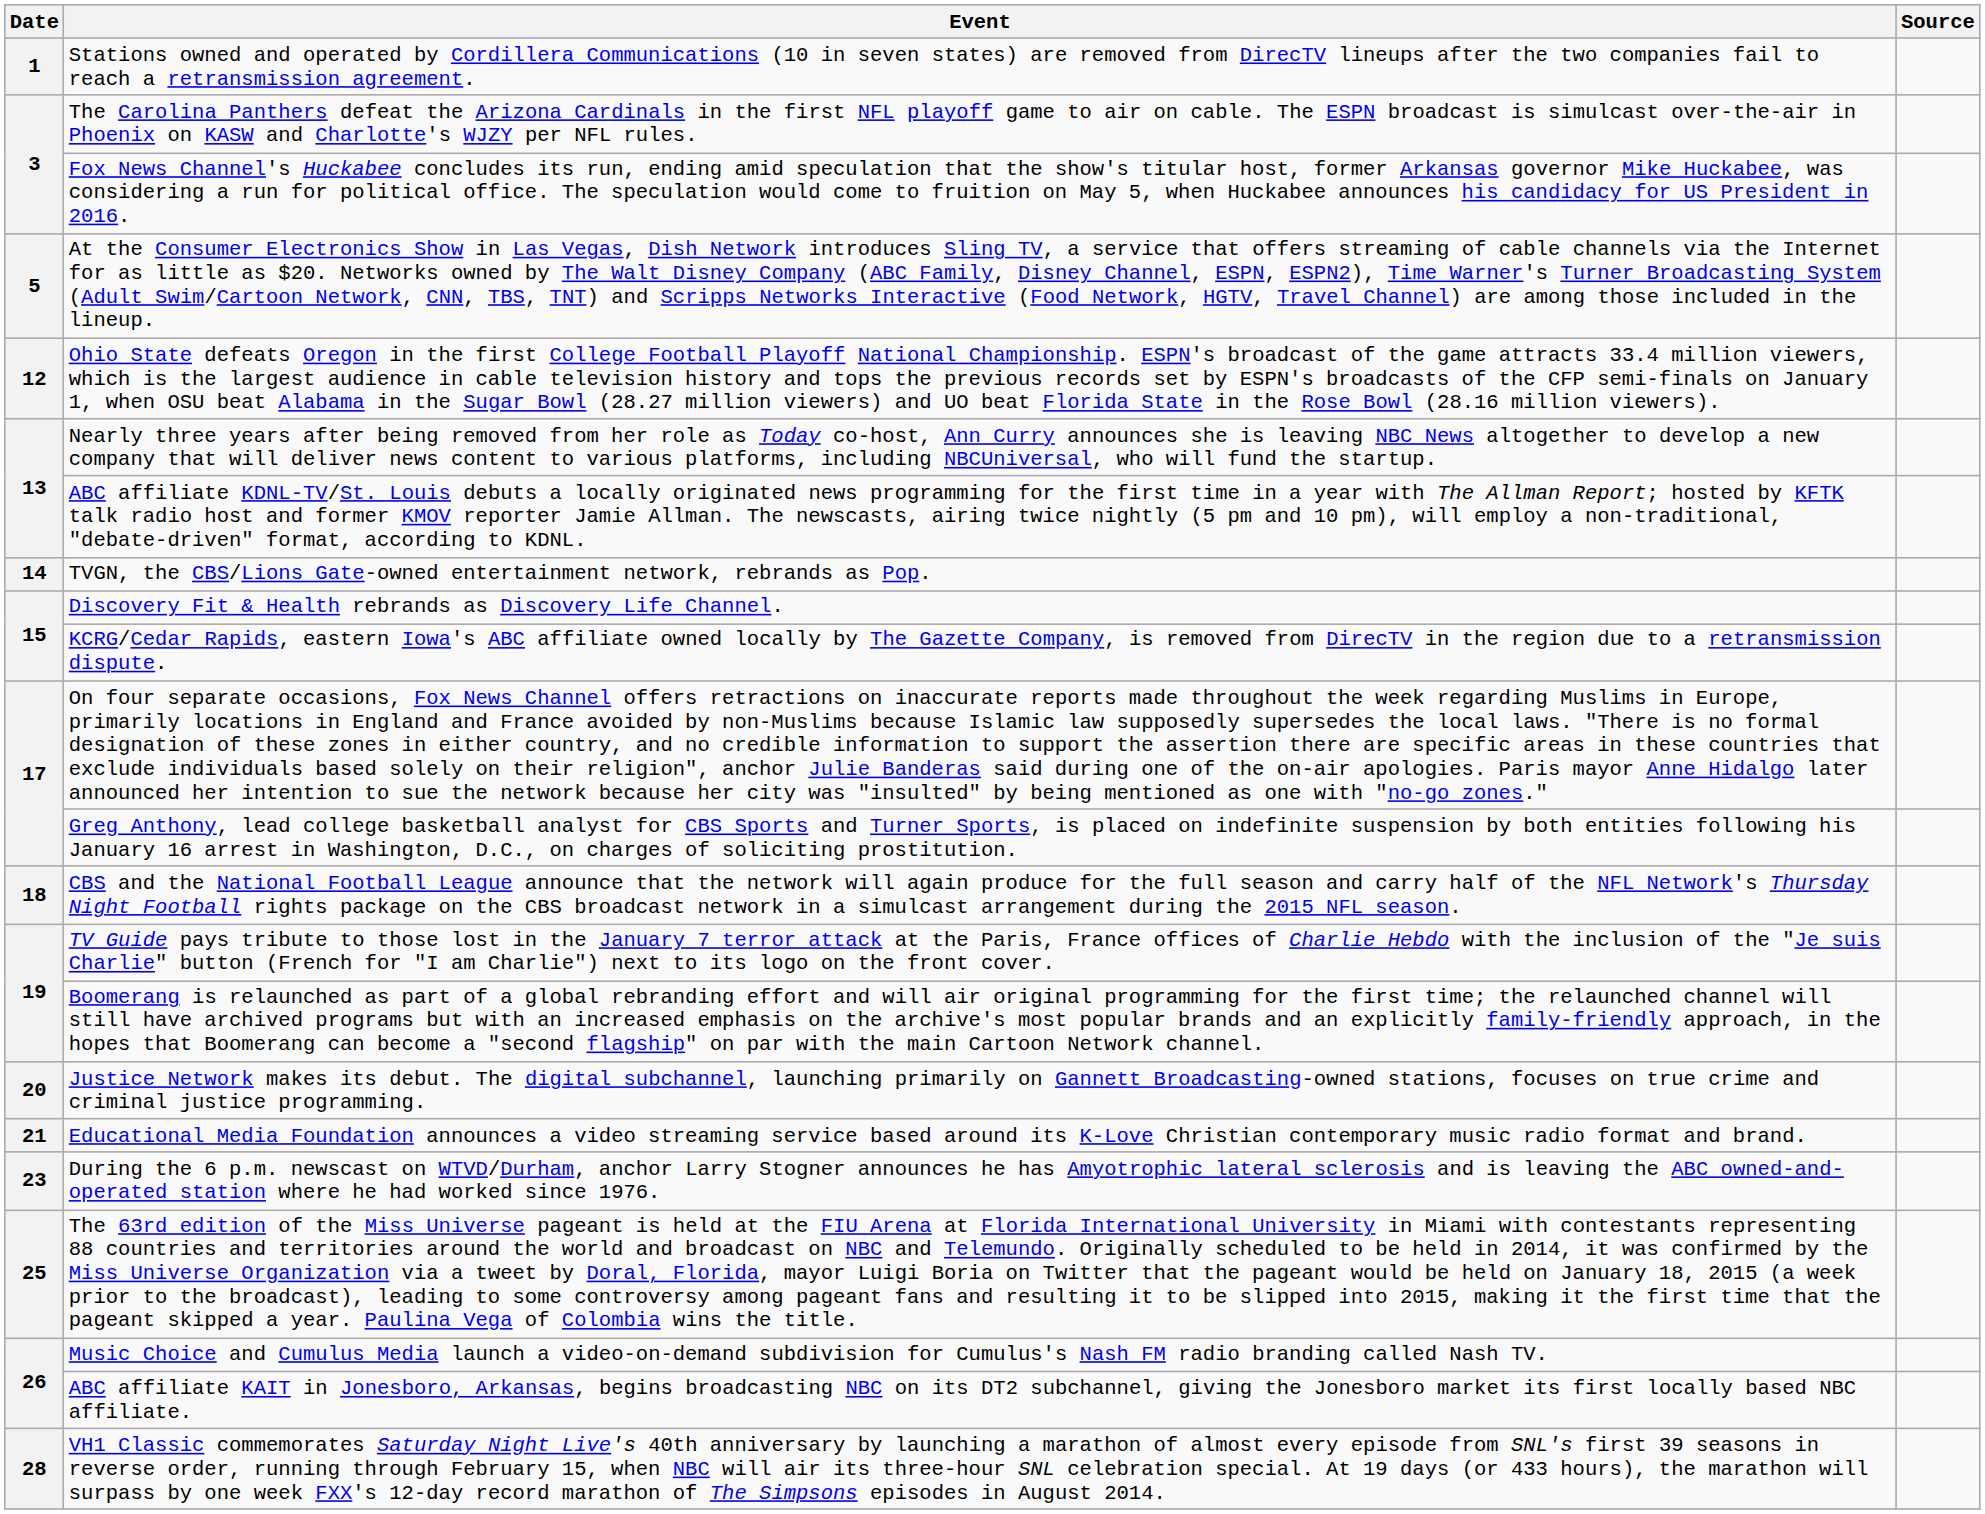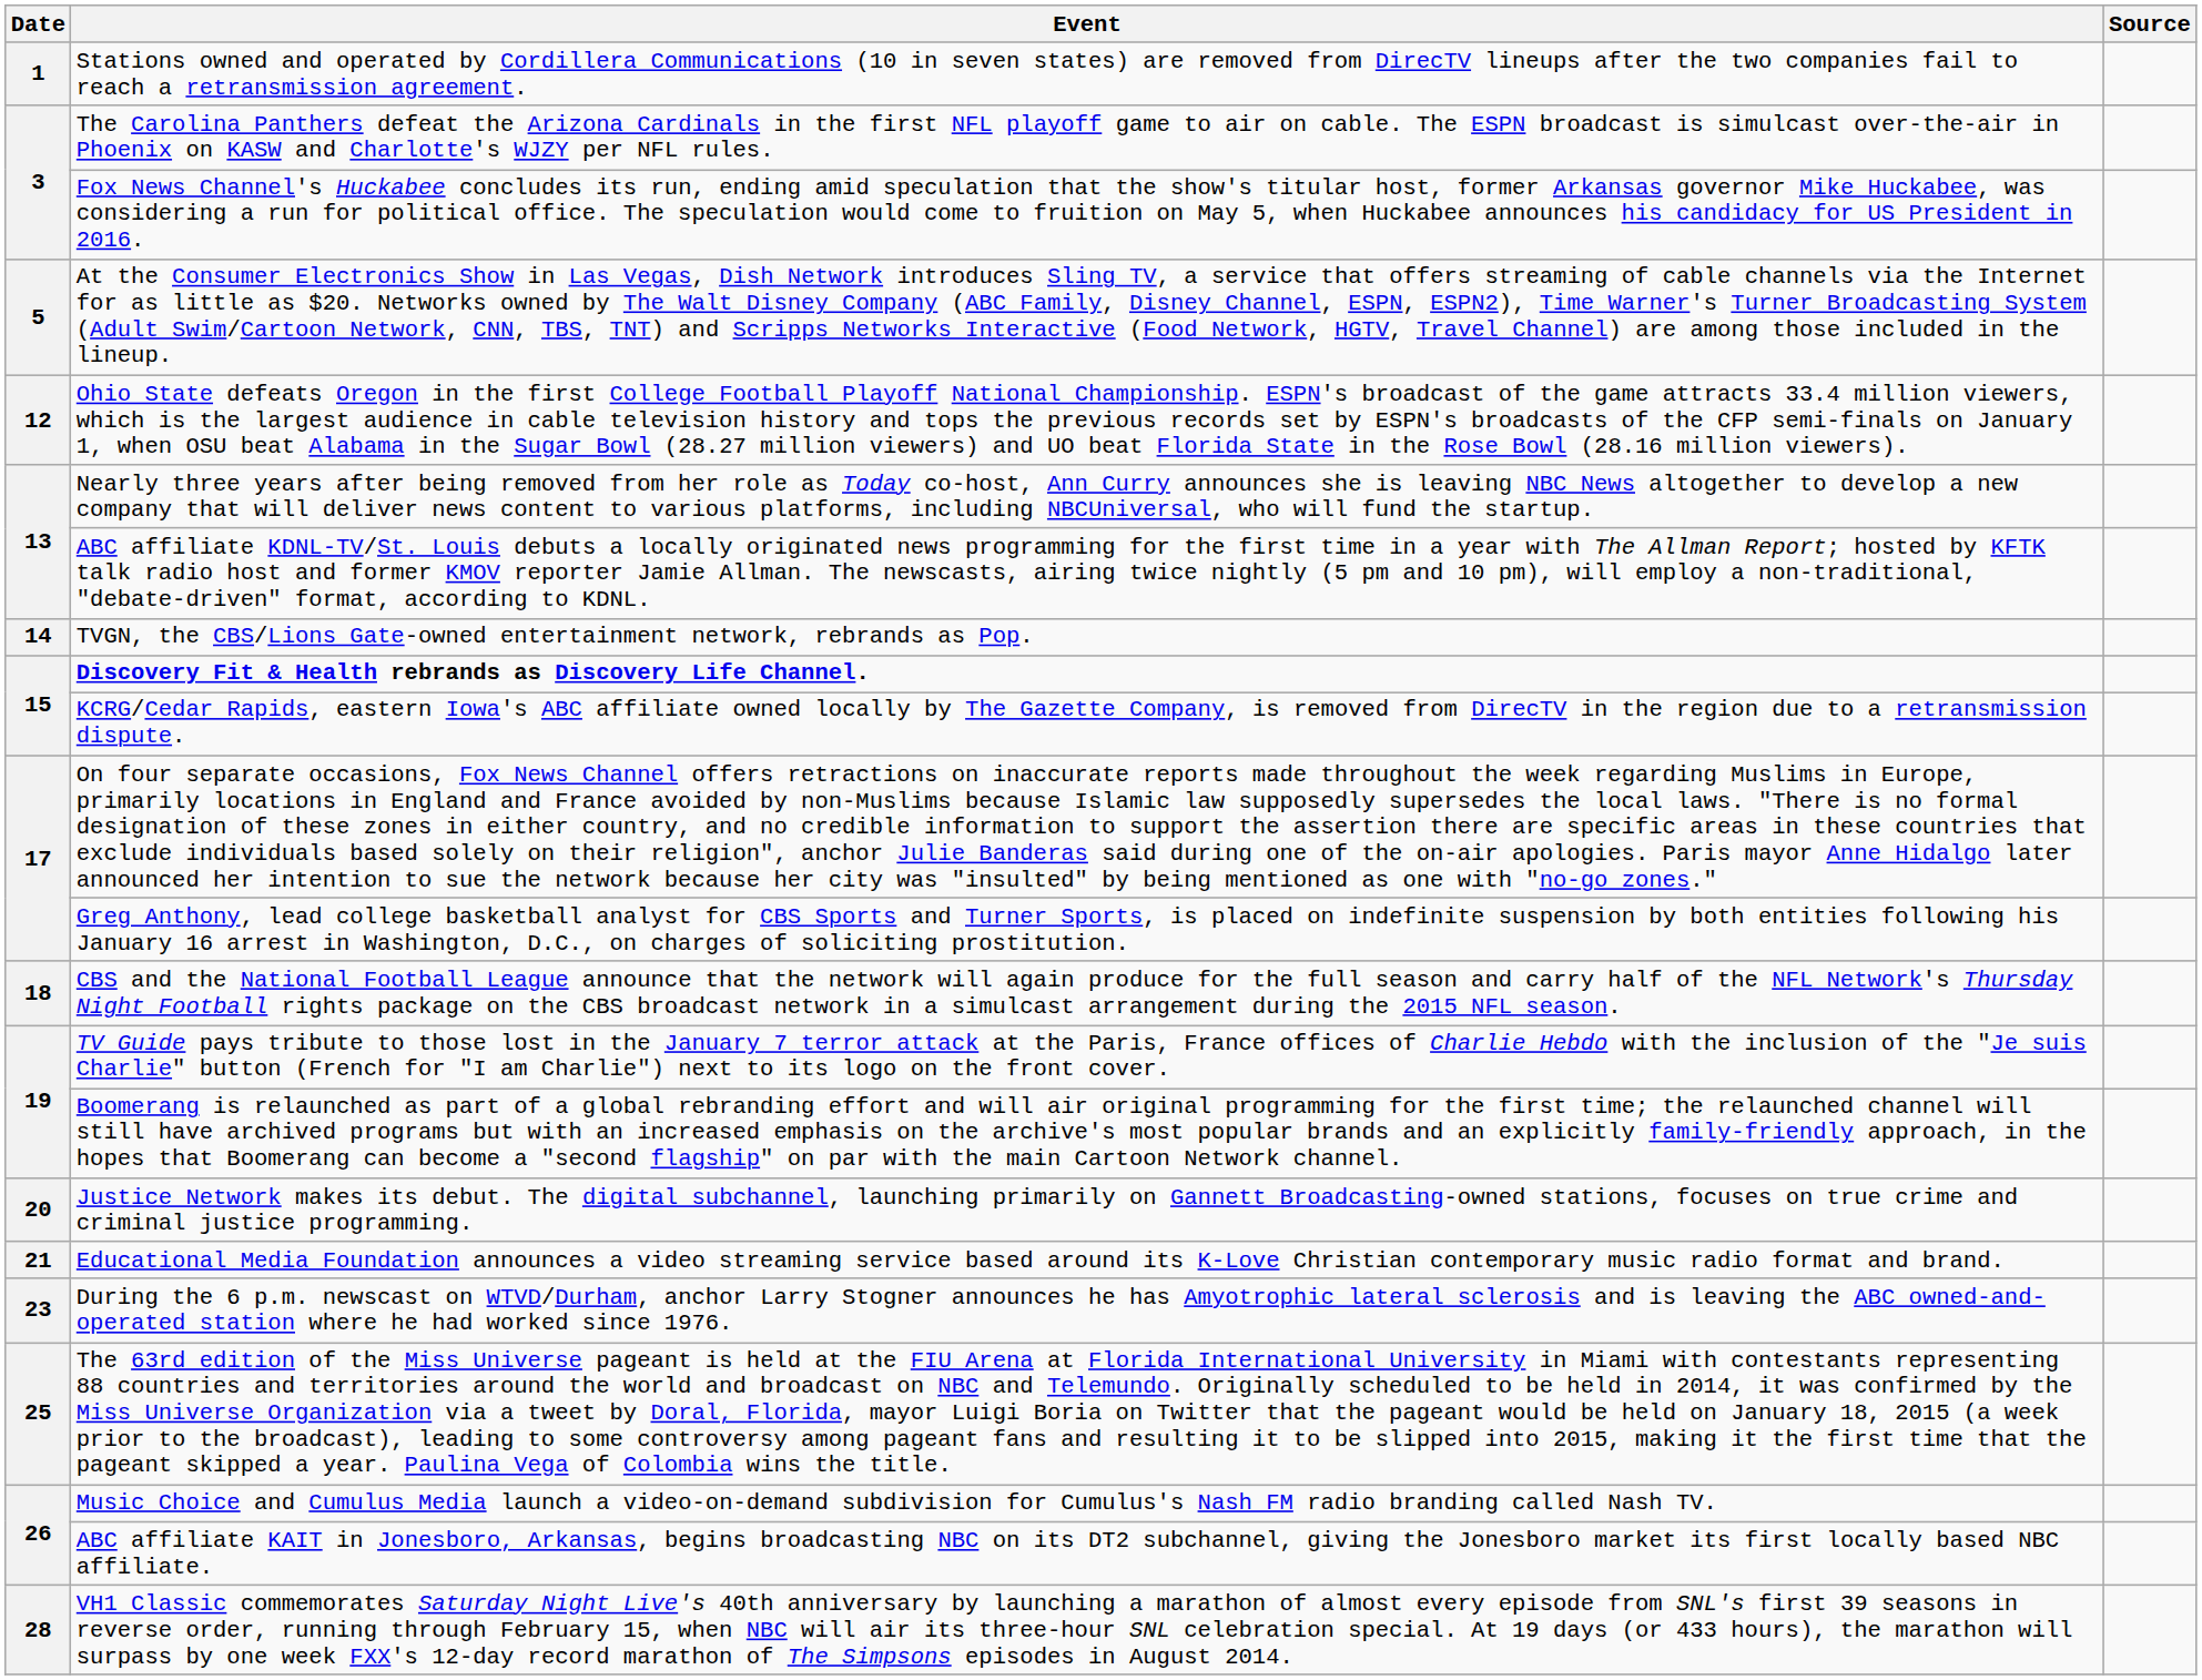 <table class="wikitable">
 <tr>
 <th>Date</th>
 <th>Event</th>
 <th>Source</th>
 </tr>
 <tr>
 <th>1</th>
 <td>Stations owned and operated by <a href='#'>Cordillera Communications</a> (10 in seven states) are removed from <a href='#'>DirecTV</a> lineups after the two companies fail to reach a <a href='#'>retransmission agreement</a>.</td>
 <td></td>
 </tr>
 <tr>
 <th rowspan=2>3</th>
 <td>The <a href='#'>Carolina Panthers</a> defeat the <a href='#'>Arizona Cardinals</a> in the first <a href='#'>NFL</a> <a href='#'>playoff</a> game to air on cable. The <a href='#'>ESPN</a> broadcast is simulcast over-the-air in <a href='#'>Phoenix</a> on <a href='#'>KASW</a> and <a href='#'>Charlotte</a>'s <a href='#'>WJZY</a> per NFL rules.</td>
 <td></td>
 </tr>
 <tr>
 <td><a href='#'>Fox News Channel</a>'s <em><a href='#'>Huckabee</a></em> concludes its run, ending amid speculation that the show's titular host, former <a href='#'>Arkansas</a> governor <a href='#'>Mike Huckabee</a>, was considering a run for political office. The speculation would come to fruition on May 5, when Huckabee announces <a href='#'>his candidacy for US President in 2016</a>.</td>
 <td></td>
 </tr>
 <tr>
 <th>5</th>
 <td>At the <a href='#'>Consumer Electronics Show</a> in <a href='#'>Las Vegas</a>, <a href='#'>Dish Network</a> introduces <a href='#'>Sling TV</a>, a service that offers streaming of cable channels via the Internet for as little as $20. Networks owned by <a href='#'>The Walt Disney Company</a> (<a href='#'>ABC Family</a>, <a href='#'>Disney Channel</a>, <a href='#'>ESPN</a>, <a href='#'>ESPN2</a>), <a href='#'>Time Warner</a>'s <a href='#'>Turner Broadcasting System</a> (<a href='#'>Adult Swim</a>/<a href='#'>Cartoon Network</a>, <a href='#'>CNN</a>, <a href='#'>TBS</a>, <a href='#'>TNT</a>) and <a href='#'>Scripps Networks Interactive</a> (<a href='#'>Food Network</a>, <a href='#'>HGTV</a>, <a href='#'>Travel Channel</a>) are among those included in the lineup.</td>
 <td></td>
 </tr>
 <tr>
 <th>12</th>
 <td><a href='#'>Ohio State</a> defeats <a href='#'>Oregon</a> in the first <a href='#'>College Football Playoff</a> <a href='#'>National Championship</a>. <a href='#'>ESPN</a>'s broadcast of the game attracts 33.4 million viewers, which is the largest audience in cable television history and tops the previous records set by ESPN's broadcasts of the CFP semi-finals on January 1, when OSU beat <a href='#'>Alabama</a> in the <a href='#'>Sugar Bowl</a> (28.27 million viewers) and UO beat <a href='#'>Florida State</a> in the <a href='#'>Rose Bowl</a> (28.16 million viewers).</td>
 <td></td>
 </tr>
 <tr>
 <th rowspan="2">13</th>
 <td>Nearly three years after being removed from her role as <em><a href='#'>Today</a></em> co-host, <a href='#'>Ann Curry</a> announces she is leaving <a href='#'>NBC News</a> altogether to develop a new company that will deliver news content to various platforms, including <a href='#'>NBCUniversal</a>, who will fund the startup.</td>
 <td></td>
 </tr>
 <tr>
 <td><a href='#'>ABC</a> affiliate <a href='#'>KDNL-TV</a>/<a href='#'>St. Louis</a> debuts a locally originated news programming for the first time in a year with <em>The Allman Report</em>; hosted by <a href='#'>KFTK</a> talk radio host and former <a href='#'>KMOV</a> reporter Jamie Allman. The newscasts, airing twice nightly (5 pm and 10 pm), will employ a non-traditional, "debate-driven" format, according to KDNL.</td>
 <td></td>
 </tr>
 <tr>
 <th>14</th>
 <td>TVGN, the <a href='#'>CBS</a>/<a href='#'>Lions Gate</a>-owned entertainment network, rebrands as <a href='#'>Pop</a>.</td>
 <td></td>
 </tr>
 <tr>
 <th rowspan="2">15</th>
-<td><a href='#'>Discovery Fit & Health</a> rebrands as <a href='#'>Discovery Life Channel</a>.</td>
+<td><strong><a href='#'>Discovery Fit & Health</a> rebrands as <a href='#'>Discovery Life Channel</a>.</strong></td>
 <td></td>
 </tr>
 <tr>
 <td><a href='#'>KCRG</a>/<a href='#'>Cedar Rapids</a>, eastern <a href='#'>Iowa</a>'s <a href='#'>ABC</a> affiliate owned locally by <a href='#'>The Gazette Company</a>, is removed from <a href='#'>DirecTV</a> in the region due to a <a href='#'>retransmission dispute</a>.</td>
 <td></td>
 </tr>
 <tr>
 <th rowspan=2>17</th>
 <td>On four separate occasions, <a href='#'>Fox News Channel</a> offers retractions on inaccurate reports made throughout the week regarding Muslims in Europe, primarily locations in England and France avoided by non-Muslims because Islamic law supposedly supersedes the local laws. "There is no formal designation of these zones in either country, and no credible information to support the assertion there are specific areas in these countries that exclude individuals based solely on their religion", anchor <a href='#'>Julie Banderas</a> said during one of the on-air apologies. Paris mayor <a href='#'>Anne Hidalgo</a> later announced her intention to sue the network because her city was "insulted" by being mentioned as one with "<a href='#'>no-go zones</a>."</td>
 <td></td>
 </tr>
 <tr>
 <td><a href='#'>Greg Anthony</a>, lead college basketball analyst for <a href='#'>CBS Sports</a> and <a href='#'>Turner Sports</a>, is placed on indefinite suspension by both entities following his January 16 arrest in Washington, D.C., on charges of soliciting prostitution.</td>
 <td></td>
 </tr>
 <tr>
 <th>18</th>
 <td><a href='#'>CBS</a> and the <a href='#'>National Football League</a> announce that the network will again produce for the full season and carry half of the <a href='#'>NFL Network</a>'s <em><a href='#'>Thursday Night Football</a></em> rights package on the CBS broadcast network in a simulcast arrangement during the <a href='#'>2015 NFL season</a>.</td>
 <td></td>
 </tr>
 <tr>
 <th rowspan=2>19</th>
 <td><em><a href='#'>TV Guide</a></em> pays tribute to those lost in the <a href='#'>January 7 terror attack</a> at the Paris, France offices of <em><a href='#'>Charlie Hebdo</a></em> with the inclusion of the "<a href='#'>Je suis Charlie</a>" button (French for "I am Charlie") next to its logo on the front cover.</td>
 <td></td>
 </tr>
 <tr>
 <td><a href='#'>Boomerang</a> is relaunched as part of a global rebranding effort and will air original programming for the first time; the relaunched channel will still have archived programs but with an increased emphasis on the archive's most popular brands and an explicitly <a href='#'>family-friendly</a> approach, in the hopes that Boomerang can become a "second <a href='#'>flagship</a>" on par with the main Cartoon Network channel.</td>
 <td></td>
 </tr>
 <tr>
 <th>20</th>
 <td><a href='#'>Justice Network</a> makes its debut.  The <a href='#'>digital subchannel</a>, launching primarily on <a href='#'>Gannett Broadcasting</a>-owned stations, focuses on true crime and criminal justice programming.</td>
 <td></td>
 </tr>
 <tr>
 <th>21</th>
 <td><a href='#'>Educational Media Foundation</a> announces a video streaming service based around its <a href='#'>K-Love</a> Christian contemporary music radio format and brand.</td>
 <td></td>
 </tr>
 <tr>
 <th>23</th>
 <td>During the 6 p.m. newscast on <a href='#'>WTVD</a>/<a href='#'>Durham</a>, anchor Larry Stogner announces he has <a href='#'>Amyotrophic lateral sclerosis</a> and is leaving the <a href='#'>ABC owned-and-operated station</a> where he had worked since 1976.</td>
 <td></td>
 </tr>
 <tr>
 <th>25</th>
 <td>The <a href='#'>63rd edition</a> of the <a href='#'>Miss Universe</a> pageant is held at the <a href='#'>FIU Arena</a> at <a href='#'>Florida International University</a> in Miami with contestants representing 88 countries and territories around the world and broadcast on <a href='#'>NBC</a> and <a href='#'>Telemundo</a>. Originally scheduled to be held in 2014, it was confirmed by the <a href='#'>Miss Universe Organization</a> via a tweet by <a href='#'>Doral, Florida</a>, mayor Luigi Boria on Twitter that the pageant would be held on January 18, 2015 (a week prior to the broadcast), leading to some controversy among pageant fans and resulting it to be slipped into 2015, making it the first time that the pageant skipped a year. <a href='#'>Paulina Vega</a> of <a href='#'>Colombia</a> wins the title.</td>
 <td></td>
 </tr>
 <tr>
 <th rowspan="2">26</th>
 <td><a href='#'>Music Choice</a> and <a href='#'>Cumulus Media</a> launch a video-on-demand subdivision for Cumulus's <a href='#'>Nash FM</a> radio branding called Nash TV.</td>
 <td></td>
 </tr>
 <tr>
 <td><a href='#'>ABC</a> affiliate <a href='#'>KAIT</a> in <a href='#'>Jonesboro, Arkansas</a>, begins broadcasting <a href='#'>NBC</a> on its DT2 subchannel, giving the Jonesboro market its first locally based NBC affiliate.</td>
 <td></td>
 </tr>
 <tr>
 <th>28</th>
 <td><a href='#'>VH1 Classic</a> commemorates <em><a href='#'>Saturday Night Live</a>'s</em> 40th anniversary by launching a marathon of almost every episode from <em>SNL's</em> first 39 seasons in reverse order, running through February 15, when <a href='#'>NBC</a> will air its three-hour <em>SNL</em> celebration special.  At 19 days (or 433 hours), the marathon will surpass by one week <a href='#'>FXX</a>'s 12-day record marathon of <em><a href='#'>The Simpsons</a></em> episodes in August 2014.</td>
 <td></td>
 </tr>
 </table>
